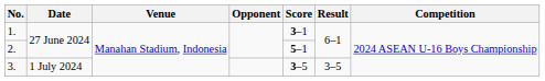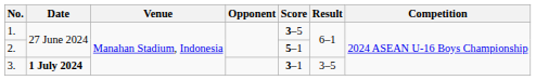 <table class="wikitable">
 <tr>
 <th>No.</th>
 <th>Date</th>
 <th>Venue</th>
 <th>Opponent</th>
 <th>Score</th>
 <th>Result</th>
 <th>Competition</th>
 </tr>
 <tr>
 <td>1.</td>
 <td rowspan=2>27 June 2024</td>
 <td rowspan=3><a href='#'>Manahan Stadium</a>, <a href='#'>Indonesia</a></td>
 <td rowspan=2></td>
-<td align=center><strong>3</strong>–1</td>
+<td align=center><strong>3</strong>–5</td>
 <td rowspan=2 align=center>6–1</td>
 <td rowspan=3><a href='#'>2024 ASEAN U-16 Boys Championship</a></td>
 </tr>
 <tr>
 <td>2.</td>
 <td align=center><strong>5</strong>–1</td>
 </tr>
 <tr>
 <td>3.</td>
-<td>1 July 2024</td>
+<td><strong>1 July 2024</strong></td>
 <td></td>
-<td align=center><strong>3</strong>–5</td>
+<td align=center><strong>3</strong>–1</td>
 <td rowspan=2 align=center>3–5</td>
 </tr>
 </table>
